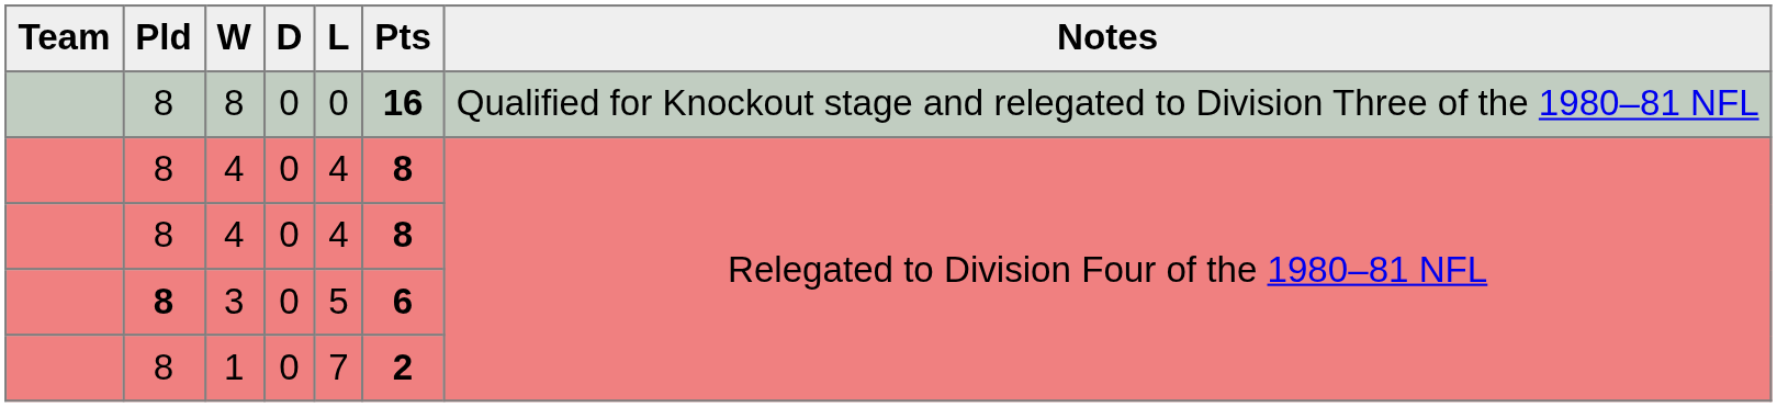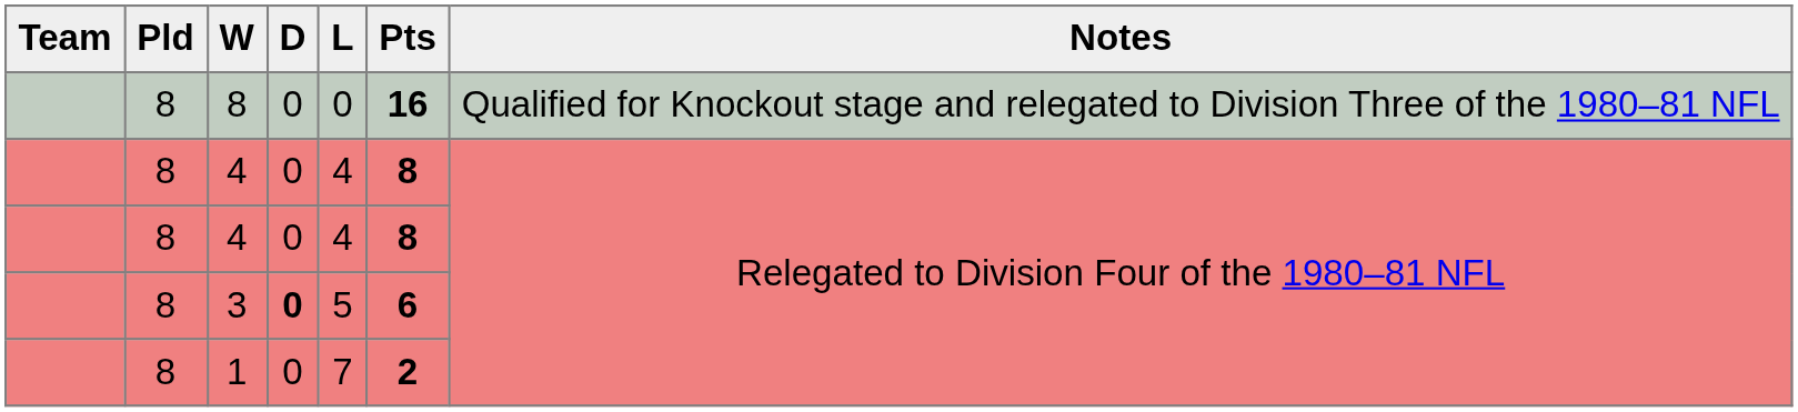 <table style=border-collapse:collapse border=1 cellspacing=0 cellpadding=5>
 <tr align=center bgcolor=#efefef>
 <th>Team</th>
 <th>Pld</th>
 <th>W</th>
 <th>D</th>
 <th>L</th>
 <th>Pts</th>
 <th>Notes</th>
 </tr>
 <tr align=center style="background:#C1CDC1">
 <td style="text-align:left;"> </td>
 <td>8</td>
 <td>8</td>
 <td>0</td>
 <td>0</td>
 <td><strong>16</strong></td>
 <td rowspan=1>Qualified for Knockout stage and relegated to Division Three of the <a href='#'>1980–81 NFL</a></td>
 </tr>
 <tr align=center style="background:#F08080">
 <td style="text-align:left;"> </td>
 <td>8</td>
 <td>4</td>
 <td>0</td>
 <td>4</td>
 <td><strong>8</strong></td>
 <td rowspan=4>Relegated to Division Four of the <a href='#'>1980–81 NFL</a></td>
 </tr>
 <tr align=center style="background:#F08080">
 <td style="text-align:left;"> </td>
 <td>8</td>
 <td>4</td>
 <td>0</td>
 <td>4</td>
 <td><strong>8</strong></td>
 </tr>
 <tr align=center style="background:#F08080">
 <td style="text-align:left;"> </td>
-<td><strong>8</strong></td>
+<td>8</td>
 <td>3</td>
-<td>0</td>
+<td><strong>0</strong></td>
 <td>5</td>
 <td><strong>6</strong></td>
 </tr>
 <tr align=center style="background:#F08080">
 <td style="text-align:left;"> </td>
 <td>8</td>
 <td>1</td>
 <td>0</td>
 <td>7</td>
 <td><strong>2</strong></td>
 </tr>
 </table>
